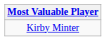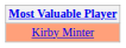 <table class=wikitable style="text-align:center; margin:auto">
 <tr>
 <th><a href='#'>Most Valuable Player</a></th>
 </tr>
 <tr>
-<td> <a href='#'>Kirby Minter</a></td>
+<td style="background: lightsalmon;"> <a href='#'>Kirby Minter</a></td>
 </tr>
 </table>
